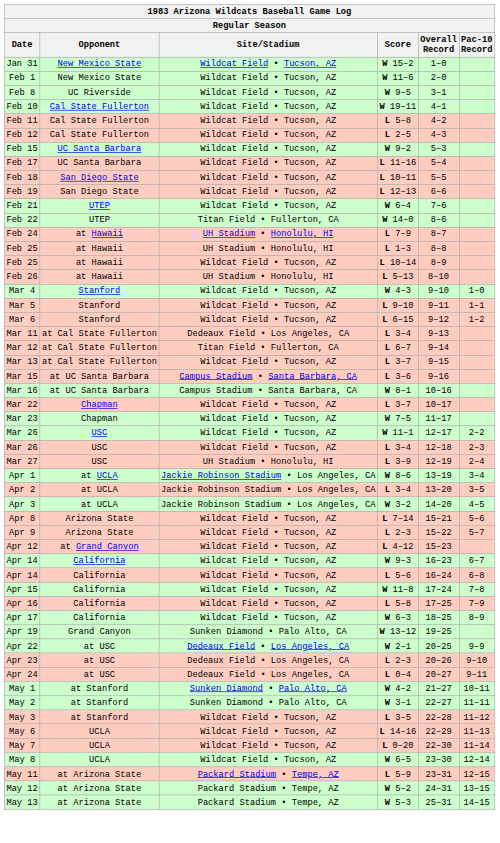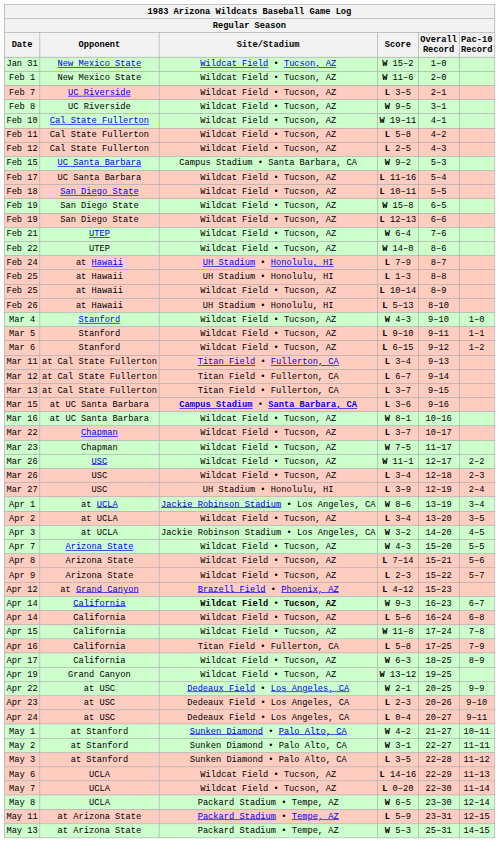 <table class="wikitable">
 <tr>
 <th colspan="6">1983 Arizona Wildcats Baseball Game Log</th>
 </tr>
 <tr>
 <th colspan="6">Regular Season</th>
 </tr>
 <tr>
 <th>Date</th>
 <th>Opponent</th>
 <th>Site/Stadium</th>
 <th>Score</th>
 <th>Overall<br>Record</th>
 <th>Pac-10<br>Record</th>
 </tr>
 <tr bgcolor="ccffcc" align="center">
 <td>Jan 31</td>
 <td><a href='#'>New Mexico State</a></td>
 <td><a href='#'>Wildcat Field</a> • <a href='#'>Tucson, AZ</a></td>
 <td><strong>W</strong> 15–2</td>
 <td>1–0</td>
 <td></td>
 </tr>
 <tr bgcolor="ccffcc" align="center">
 <td>Feb 1</td>
 <td>New Mexico State</td>
 <td>Wildcat Field • Tucson, AZ</td>
 <td><strong>W</strong> 11–6</td>
 <td>2–0</td>
+<td></td>
+</tr>
+<tr bgcolor="ffccc" align="center">
+<td>Feb 7</td>
+<td><a href='#'>UC Riverside</a></td>
+<td>Wildcat Field • Tucson, AZ</td>
+<td><strong>L</strong> 3–5</td>
+<td>2–1</td>
 <td></td>
 </tr>
 <tr bgcolor="ccffcc" align="center">
 <td>Feb 8</td>
 <td>UC Riverside</td>
 <td>Wildcat Field • Tucson, AZ</td>
 <td><strong>W</strong> 9–5</td>
 <td>3–1</td>
 <td></td>
 </tr>
 <tr bgcolor="ccffcc" align="center">
 <td>Feb 10</td>
 <td><a href='#'>Cal State Fullerton</a></td>
 <td>Wildcat Field • Tucson, AZ</td>
 <td><strong>W</strong> 19–11</td>
 <td>4–1</td>
 <td></td>
 </tr>
 <tr bgcolor="ffccc" align="center">
 <td>Feb 11</td>
 <td>Cal State Fullerton</td>
 <td>Wildcat Field • Tucson, AZ</td>
 <td><strong>L</strong> 5–8</td>
 <td>4–2</td>
 <td></td>
 </tr>
 <tr bgcolor="ffccc" align="center">
 <td>Feb 12</td>
 <td>Cal State Fullerton</td>
 <td>Wildcat Field • Tucson, AZ</td>
 <td><strong>L</strong> 2–5</td>
 <td>4–3</td>
 <td></td>
 </tr>
 <tr bgcolor="ccffcc" align="center">
 <td>Feb 15</td>
 <td><a href='#'>UC Santa Barbara</a></td>
-<td>Wildcat Field • Tucson, AZ</td>
+<td>Campus Stadium • Santa Barbara, CA</td>
 <td><strong>W</strong> 9–2</td>
 <td>5–3</td>
 <td></td>
 </tr>
 <tr bgcolor="ffccc" align="center">
 <td>Feb 17</td>
 <td>UC Santa Barbara</td>
 <td>Wildcat Field • Tucson, AZ</td>
 <td><strong>L</strong> 11–16</td>
 <td>5–4</td>
 <td></td>
 </tr>
 <tr bgcolor="ffccc" align="center">
 <td>Feb 18</td>
 <td><a href='#'>San Diego State</a></td>
 <td>Wildcat Field • Tucson, AZ</td>
 <td><strong>L</strong> 10–11</td>
 <td>5–5</td>
+<td></td>
+</tr>
+<tr bgcolor="ccffcc" align="center">
+<td>Feb 19</td>
+<td>San Diego State</td>
+<td>Wildcat Field • Tucson, AZ</td>
+<td><strong>W</strong> 15–8</td>
+<td>6–5</td>
 <td></td>
 </tr>
 <tr bgcolor="ffccc" align="center">
 <td>Feb 19</td>
 <td>San Diego State</td>
 <td>Wildcat Field • Tucson, AZ</td>
 <td><strong>L</strong> 12–13</td>
 <td>6–6</td>
 <td></td>
 </tr>
 <tr bgcolor="ccffcc" align="center">
 <td>Feb 21</td>
 <td><a href='#'>UTEP</a></td>
 <td>Wildcat Field • Tucson, AZ</td>
 <td><strong>W</strong> 6–4</td>
 <td>7–6</td>
 <td></td>
 </tr>
 <tr bgcolor="ccffcc" align="center">
 <td>Feb 22</td>
 <td>UTEP</td>
-<td>Titan Field • Fullerton, CA</td>
+<td>Wildcat Field • Tucson, AZ</td>
 <td><strong>W</strong> 14–0</td>
 <td>8–6</td>
 <td></td>
 </tr>
 <tr bgcolor="ffccc" align="center">
 <td>Feb 24</td>
 <td>at <a href='#'>Hawaii</a></td>
 <td><a href='#'>UH Stadium</a> • <a href='#'>Honolulu, HI</a></td>
 <td><strong>L</strong> 7–9</td>
 <td>8–7</td>
 <td></td>
 </tr>
 <tr bgcolor="ffccc" align="center">
 <td>Feb 25</td>
 <td>at Hawaii</td>
 <td>UH Stadium • Honolulu, HI</td>
 <td><strong>L</strong> 1–3</td>
 <td>8–8</td>
 <td></td>
 </tr>
 <tr bgcolor="ffccc" align="center">
 <td>Feb 25</td>
 <td>at Hawaii</td>
 <td>Wildcat Field • Tucson, AZ</td>
 <td><strong>L</strong> 10–14</td>
 <td>8–9</td>
 <td></td>
 </tr>
 <tr bgcolor="ffccc" align="center">
 <td>Feb 26</td>
 <td>at Hawaii</td>
 <td>UH Stadium • Honolulu, HI</td>
 <td><strong>L</strong> 5–13</td>
 <td>8–10</td>
 <td></td>
 </tr>
 <tr bgcolor="ccffcc" align="center">
 <td>Mar 4</td>
 <td><a href='#'>Stanford</a></td>
 <td>Wildcat Field • Tucson, AZ</td>
 <td><strong>W</strong> 4–3</td>
 <td>9–10</td>
 <td>1–0</td>
 </tr>
 <tr bgcolor="ffccc" align="center">
 <td>Mar 5</td>
 <td>Stanford</td>
 <td>Wildcat Field • Tucson, AZ</td>
 <td><strong>L</strong> 9–10</td>
 <td>9–11</td>
 <td>1–1</td>
 </tr>
 <tr bgcolor="ffccc" align="center">
 <td>Mar 6</td>
 <td>Stanford</td>
 <td>Wildcat Field • Tucson, AZ</td>
 <td><strong>L</strong> 6–15</td>
 <td>9–12</td>
 <td>1–2</td>
 </tr>
 <tr bgcolor="ffccc" align="center">
 <td>Mar 11</td>
 <td>at Cal State Fullerton</td>
-<td>Dedeaux Field • Los Angeles, CA</td>
+<td><a href='#'>Titan Field</a> • <a href='#'>Fullerton, CA</a></td>
 <td><strong>L</strong> 3–4</td>
 <td>9–13</td>
 <td></td>
 </tr>
 <tr bgcolor="ffccc" align="center">
 <td>Mar 12</td>
 <td>at Cal State Fullerton</td>
 <td>Titan Field • Fullerton, CA</td>
 <td><strong>L</strong> 6–7</td>
 <td>9–14</td>
 <td></td>
 </tr>
 <tr bgcolor="ffccc" align="center">
 <td>Mar 13</td>
 <td>at Cal State Fullerton</td>
-<td>Wildcat Field • Tucson, AZ</td>
+<td>Titan Field • Fullerton, CA</td>
 <td><strong>L</strong> 3–7</td>
 <td>9–15</td>
 <td></td>
 </tr>
 <tr bgcolor="ffccc" align="center">
 <td>Mar 15</td>
 <td>at UC Santa Barbara</td>
-<td><a href='#'>Campus Stadium</a> • <a href='#'>Santa Barbara, CA</a></td>
+<td><strong><a href='#'>Campus Stadium</a> • <a href='#'>Santa Barbara, CA</a></strong></td>
 <td><strong>L</strong> 3–6</td>
 <td>9–16</td>
 <td></td>
 </tr>
 <tr bgcolor="ccffcc" align="center">
 <td>Mar 16</td>
 <td>at UC Santa Barbara</td>
-<td>Campus Stadium • Santa Barbara, CA</td>
+<td>Wildcat Field • Tucson, AZ</td>
 <td><strong>W</strong> 8–1</td>
 <td>10–16</td>
 <td></td>
 </tr>
 <tr bgcolor="ffccc" align="center">
 <td>Mar 22</td>
 <td><a href='#'>Chapman</a></td>
 <td>Wildcat Field • Tucson, AZ</td>
 <td><strong>L</strong> 3–7</td>
 <td>10–17</td>
 <td></td>
 </tr>
 <tr bgcolor="ccffcc" align="center">
 <td>Mar 23</td>
 <td>Chapman</td>
 <td>Wildcat Field • Tucson, AZ</td>
 <td><strong>W</strong> 7–5</td>
 <td>11–17</td>
 <td></td>
 </tr>
 <tr bgcolor="ccffcc" align="center">
 <td>Mar 26</td>
 <td><a href='#'>USC</a></td>
 <td>Wildcat Field • Tucson, AZ</td>
 <td><strong>W</strong> 11–1</td>
 <td>12–17</td>
 <td>2–2</td>
 </tr>
 <tr bgcolor="ffccc" align="center">
 <td>Mar 26</td>
 <td>USC</td>
 <td>Wildcat Field • Tucson, AZ</td>
 <td><strong>L</strong> 3–4</td>
 <td>12–18</td>
 <td>2–3</td>
 </tr>
 <tr bgcolor="ffccc" align="center">
 <td>Mar 27</td>
 <td>USC</td>
 <td>UH Stadium • Honolulu, HI</td>
 <td><strong>L</strong> 3–9</td>
 <td>12–19</td>
 <td>2–4</td>
 </tr>
 <tr bgcolor="ccffcc" align="center">
 <td>Apr 1</td>
 <td>at <a href='#'>UCLA</a></td>
 <td><a href='#'>Jackie Robinson Stadium</a> • Los Angeles, CA</td>
 <td><strong>W</strong> 8–6</td>
 <td>13–19</td>
 <td>3–4</td>
 </tr>
 <tr bgcolor="ffccc" align="center">
 <td>Apr 2</td>
 <td>at UCLA</td>
-<td>Jackie Robinson Stadium • Los Angeles, CA</td>
+<td>Wildcat Field • Tucson, AZ</td>
 <td><strong>L</strong> 3–4</td>
 <td>13–20</td>
 <td>3–5</td>
 </tr>
 <tr bgcolor="ccffcc" align="center">
 <td>Apr 3</td>
 <td>at UCLA</td>
 <td>Jackie Robinson Stadium • Los Angeles, CA</td>
 <td><strong>W</strong> 3–2</td>
 <td>14–20</td>
 <td>4–5</td>
+</tr>
+<tr bgcolor="ccffcc" align="center">
+<td>Apr 7</td>
+<td><a href='#'>Arizona State</a></td>
+<td>Wildcat Field • Tucson, AZ</td>
+<td><strong>W</strong> 4–3</td>
+<td>15–20</td>
+<td>5–5</td>
 </tr>
 <tr bgcolor="ffccc" align="center">
 <td>Apr 8</td>
 <td>Arizona State</td>
 <td>Wildcat Field • Tucson, AZ</td>
 <td><strong>L</strong> 7–14</td>
 <td>15–21</td>
 <td>5–6</td>
 </tr>
 <tr bgcolor="ffccc" align="center">
 <td>Apr 9</td>
 <td>Arizona State</td>
 <td>Wildcat Field • Tucson, AZ</td>
 <td><strong>L</strong> 2–3</td>
 <td>15–22</td>
 <td>5–7</td>
 </tr>
 <tr bgcolor="ffccc" align="center">
 <td>Apr 12</td>
 <td>at <a href='#'>Grand Canyon</a></td>
-<td>Wildcat Field • Tucson, AZ</td>
+<td><a href='#'>Brazell Field</a> • <a href='#'>Phoenix, AZ</a></td>
 <td><strong>L</strong> 4–12</td>
 <td>15–23</td>
 <td></td>
 </tr>
 <tr bgcolor="ccffcc" align="center">
 <td>Apr 14</td>
 <td><a href='#'>California</a></td>
-<td>Wildcat Field • Tucson, AZ</td>
+<td><strong>Wildcat Field • Tucson, AZ</strong></td>
 <td><strong>W</strong> 9–3</td>
 <td>16–23</td>
 <td>6–7</td>
 </tr>
 <tr bgcolor="ffccc" align="center">
 <td>Apr 14</td>
 <td>California</td>
 <td>Wildcat Field • Tucson, AZ</td>
 <td><strong>L</strong> 5–6</td>
 <td>16–24</td>
 <td>6–8</td>
 </tr>
 <tr bgcolor="ccffcc" align="center">
 <td>Apr 15</td>
 <td>California</td>
 <td>Wildcat Field • Tucson, AZ</td>
 <td><strong>W</strong> 11–8</td>
 <td>17–24</td>
 <td>7–8</td>
 </tr>
 <tr bgcolor="ffccc" align="center">
 <td>Apr 16</td>
 <td>California</td>
-<td>Wildcat Field • Tucson, AZ</td>
+<td>Titan Field • Fullerton, CA</td>
 <td><strong>L</strong> 5–8</td>
 <td>17–25</td>
 <td>7–9</td>
 </tr>
 <tr bgcolor="ccffcc" align="center">
 <td>Apr 17</td>
 <td>California</td>
 <td>Wildcat Field • Tucson, AZ</td>
 <td><strong>W</strong> 6–3</td>
 <td>18–25</td>
 <td>8–9</td>
 </tr>
 <tr bgcolor="ccffcc" align="center">
 <td>Apr 19</td>
 <td>Grand Canyon</td>
-<td>Sunken Diamond • Palo Alto, CA</td>
+<td>Wildcat Field • Tucson, AZ</td>
 <td><strong>W</strong> 13–12</td>
 <td>19–25</td>
 <td></td>
 </tr>
 <tr bgcolor="ccffcc" align="center">
 <td>Apr 22</td>
 <td>at USC</td>
 <td><a href='#'>Dedeaux Field</a> • <a href='#'>Los Angeles, CA</a></td>
 <td><strong>W</strong> 2–1</td>
 <td>20–25</td>
 <td>9–9</td>
 </tr>
 <tr bgcolor="ffccc" align="center">
 <td>Apr 23</td>
 <td>at USC</td>
 <td>Dedeaux Field • Los Angeles, CA</td>
 <td><strong>L</strong> 2–3</td>
 <td>20–26</td>
 <td>9–10</td>
 </tr>
 <tr bgcolor="ffccc" align="center">
 <td>Apr 24</td>
 <td>at USC</td>
 <td>Dedeaux Field • Los Angeles, CA</td>
 <td><strong>L</strong> 0–4</td>
 <td>20–27</td>
 <td>9–11</td>
 </tr>
 <tr bgcolor="ccffcc" align="center">
 <td>May 1</td>
 <td>at Stanford</td>
 <td><a href='#'>Sunken Diamond</a> • <a href='#'>Palo Alto, CA</a></td>
 <td><strong>W</strong> 4–2</td>
 <td>21–27</td>
 <td>10–11</td>
 </tr>
 <tr bgcolor="ccffcc" align="center">
 <td>May 2</td>
 <td>at Stanford</td>
 <td>Sunken Diamond • Palo Alto, CA</td>
 <td><strong>W</strong> 3–1</td>
 <td>22–27</td>
 <td>11–11</td>
 </tr>
 <tr bgcolor="ffccc" align="center">
 <td>May 3</td>
 <td>at Stanford</td>
-<td>Wildcat Field • Tucson, AZ</td>
+<td>Sunken Diamond • Palo Alto, CA</td>
 <td><strong>L</strong> 3–5</td>
 <td>22–28</td>
 <td>11–12</td>
 </tr>
 <tr bgcolor="ffccc" align="center">
 <td>May 6</td>
 <td>UCLA</td>
 <td>Wildcat Field • Tucson, AZ</td>
 <td><strong>L</strong> 14–16</td>
 <td>22–29</td>
 <td>11–13</td>
 </tr>
 <tr bgcolor="ffccc" align="center">
 <td>May 7</td>
 <td>UCLA</td>
 <td>Wildcat Field • Tucson, AZ</td>
 <td><strong>L</strong> 0–20</td>
 <td>22–30</td>
 <td>11–14</td>
 </tr>
 <tr bgcolor="ccffcc" align="center">
 <td>May 8</td>
 <td>UCLA</td>
-<td>Wildcat Field • Tucson, AZ</td>
+<td>Packard Stadium • Tempe, AZ</td>
 <td><strong>W</strong> 6–5</td>
 <td>23–30</td>
 <td>12–14</td>
 </tr>
 <tr bgcolor="ffccc" align="center">
 <td>May 11</td>
 <td>at Arizona State</td>
 <td><a href='#'>Packard Stadium</a> • <a href='#'>Tempe, AZ</a></td>
 <td><strong>L</strong> 5–9</td>
 <td>23–31</td>
 <td>12–15</td>
 </tr>
 <tr bgcolor="ccffcc" align="center">
-<td>May 12</td>
-<td>at Arizona State</td>
-<td>Packard Stadium • Tempe, AZ</td>
-<td><strong>W</strong> 5–2</td>
-<td>24–31</td>
-<td>13–15</td>
-</tr>
-<tr bgcolor="ccffcc" align="center">
 <td>May 13</td>
 <td>at Arizona State</td>
 <td>Packard Stadium • Tempe, AZ</td>
 <td><strong>W</strong> 5–3</td>
 <td>25–31</td>
 <td>14–15</td>
 </tr>
 </table>
